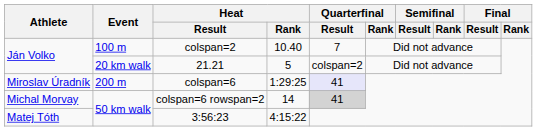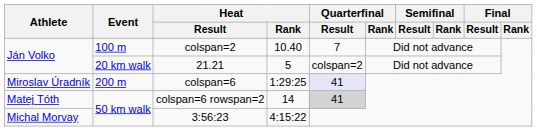 <table class="wikitable" style="font-size:90%">
 <tr>
 <th rowspan="2">Athlete</th>
 <th rowspan="2">Event</th>
 <th colspan="2">Heat</th>
 <th colspan="2">Quarterfinal</th>
 <th colspan="2">Semifinal</th>
 <th colspan="2">Final</th>
 </tr>
 <tr style="font-size:95%">
 <th>Result</th>
 <th>Rank</th>
 <th>Result</th>
 <th>Rank</th>
 <th>Result</th>
 <th>Rank</th>
 <th>Result</th>
 <th>Rank</th>
 </tr>
 <tr align=center>
 <td align=left rowspan=2><a href='#'>Ján Volko</a></td>
 <td align=left><a href='#'>100 m</a></td>
 <td>colspan=2 </td>
 <td>10.40</td>
 <td>7</td>
 <td colspan=4>Did not advance</td>
 </tr>
 <tr align=center>
 <td align=left><a href='#'>20 km walk</a></td>
 <td>21.21</td>
 <td>5</td>
 <td>colspan=2 </td>
 <td colspan=4>Did not advance</td>
 </tr>
 <tr align=center>
 <td align=left><a href='#'>Miroslav Úradník</a></td>
 <td align=left><a href='#'>200 m</a></td>
 <td>colspan=6 </td>
 <td>1:29:25</td>
 <td style="background: lavender;">41</td>
 </tr>
 <tr align=center>
-<td align=left><a href='#'>Michal Morvay</a></td>
+<td align=left><a href='#'>Matej Tóth</a></td>
 <td align=left rowspan=2><a href='#'>50 km walk</a></td>
 <td>colspan=6 rowspan=2 </td>
 <td>14</td>
 <td style="background: lightgrey;">41</td>
 </tr>
 <tr align=center>
-<td align=left><a href='#'>Matej Tóth</a></td>
+<td align=left><a href='#'>Michal Morvay</a></td>
 <td>3:56:23</td>
 <td>4:15:22</td>
 </tr>
 </table>
